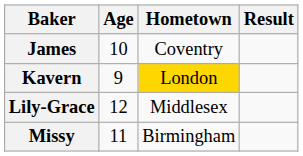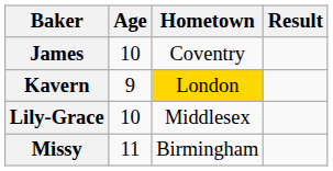 <table class="wikitable sortable" style="display:inline-table; text-align:center">
 <tr>
 <th scope="col">Baker</th>
 <th scope="col">Age</th>
 <th scope="col">Hometown</th>
 <th scope="col">Result</th>
 </tr>
 <tr>
 <th scope="row">James</th>
 <td>10</td>
 <td>Coventry</td>
 <td></td>
 </tr>
 <tr>
 <th scope="row">Kavern</th>
 <td>9</td>
 <td style="background: gold;">London</td>
 <td></td>
 </tr>
 <tr>
 <th scope="row">Lily-Grace</th>
-<td>12</td>
+<td>10</td>
 <td>Middlesex</td>
 <td></td>
 </tr>
 <tr>
 <th scope="row">Missy</th>
 <td>11</td>
 <td>Birmingham</td>
 <td></td>
 </tr>
 </table>
